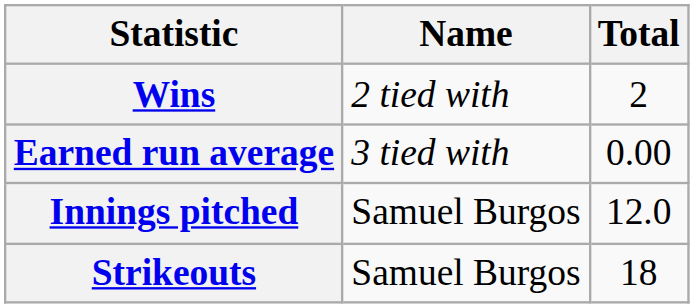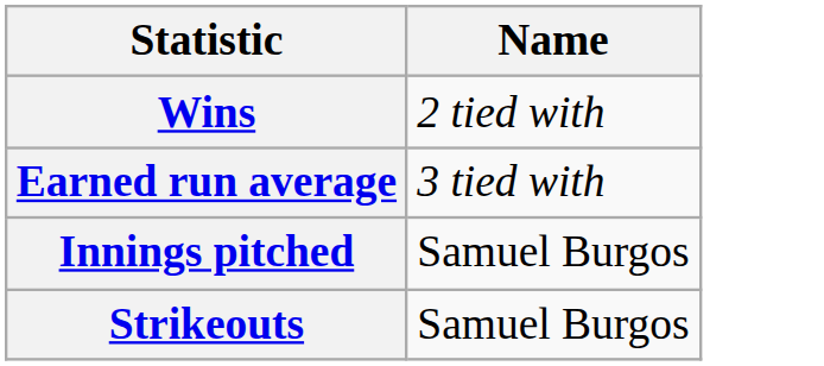 <table class="wikitable plainrowheaders">
 <tr>
 <th scope="col">Statistic</th>
 <th scope="col">Name</th>
-<th scope="col">Total</th>
 </tr>
 <tr>
 <th scope="row"><a href='#'>Wins</a></th>
 <td><em>2 tied with</em></td>
-<td align=center>2</td>
 </tr>
 <tr>
 <th scope="row"><a href='#'>Earned run average</a></th>
 <td><em>3 tied with</em></td>
-<td align=center>0.00</td>
 </tr>
 <tr>
 <th scope="row"><a href='#'>Innings pitched</a></th>
 <td> Samuel Burgos</td>
-<td align=center>12.0</td>
 </tr>
 <tr>
 <th scope="row"><a href='#'>Strikeouts</a></th>
 <td> Samuel Burgos</td>
-<td align=center>18</td>
 </tr>
 </table>
